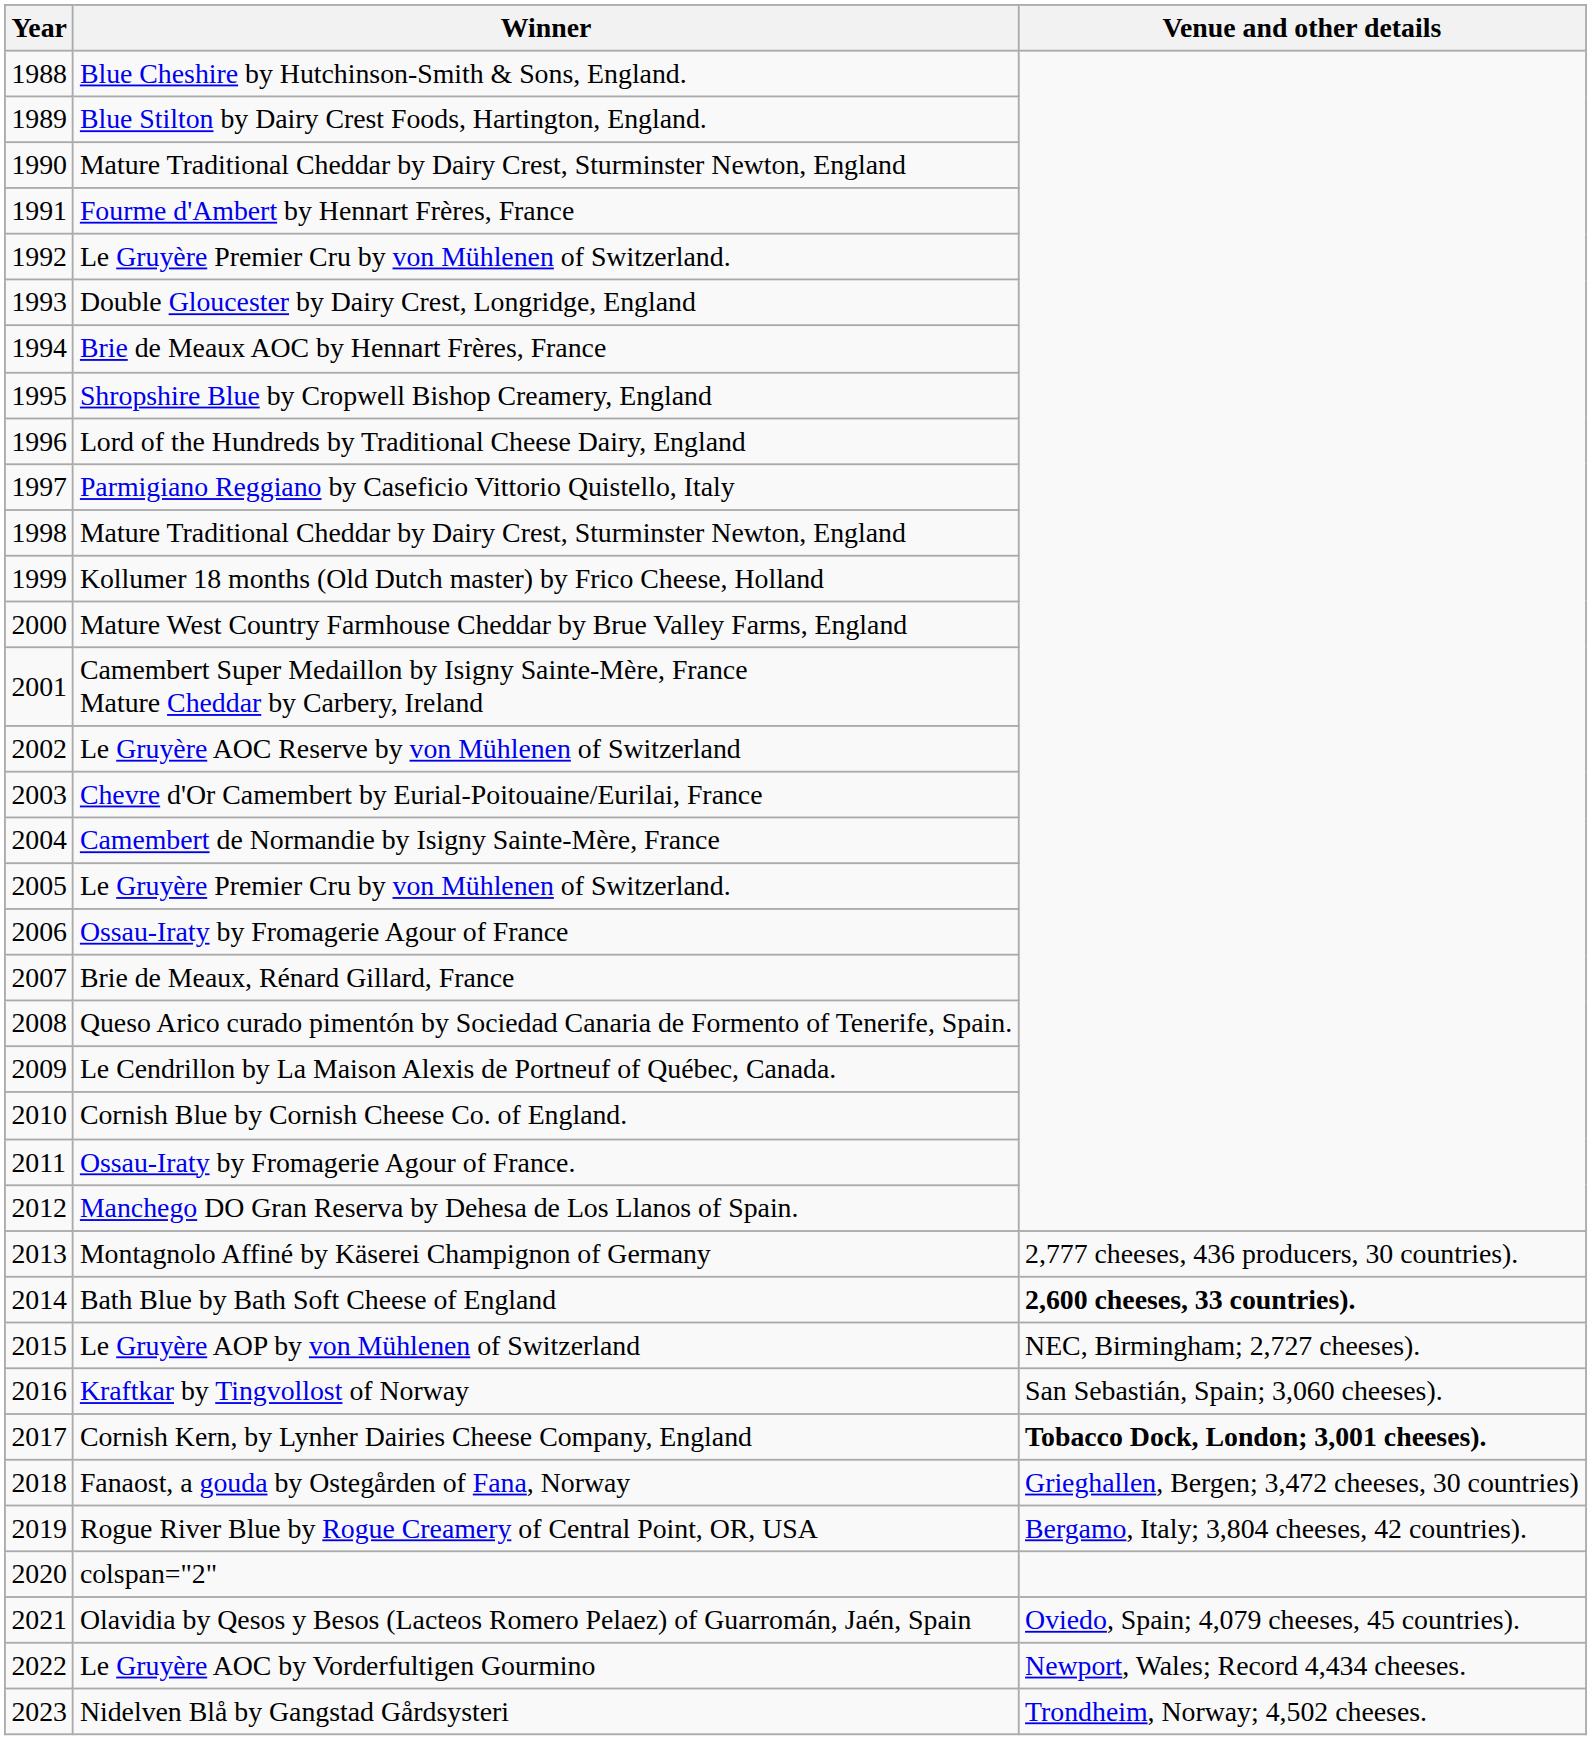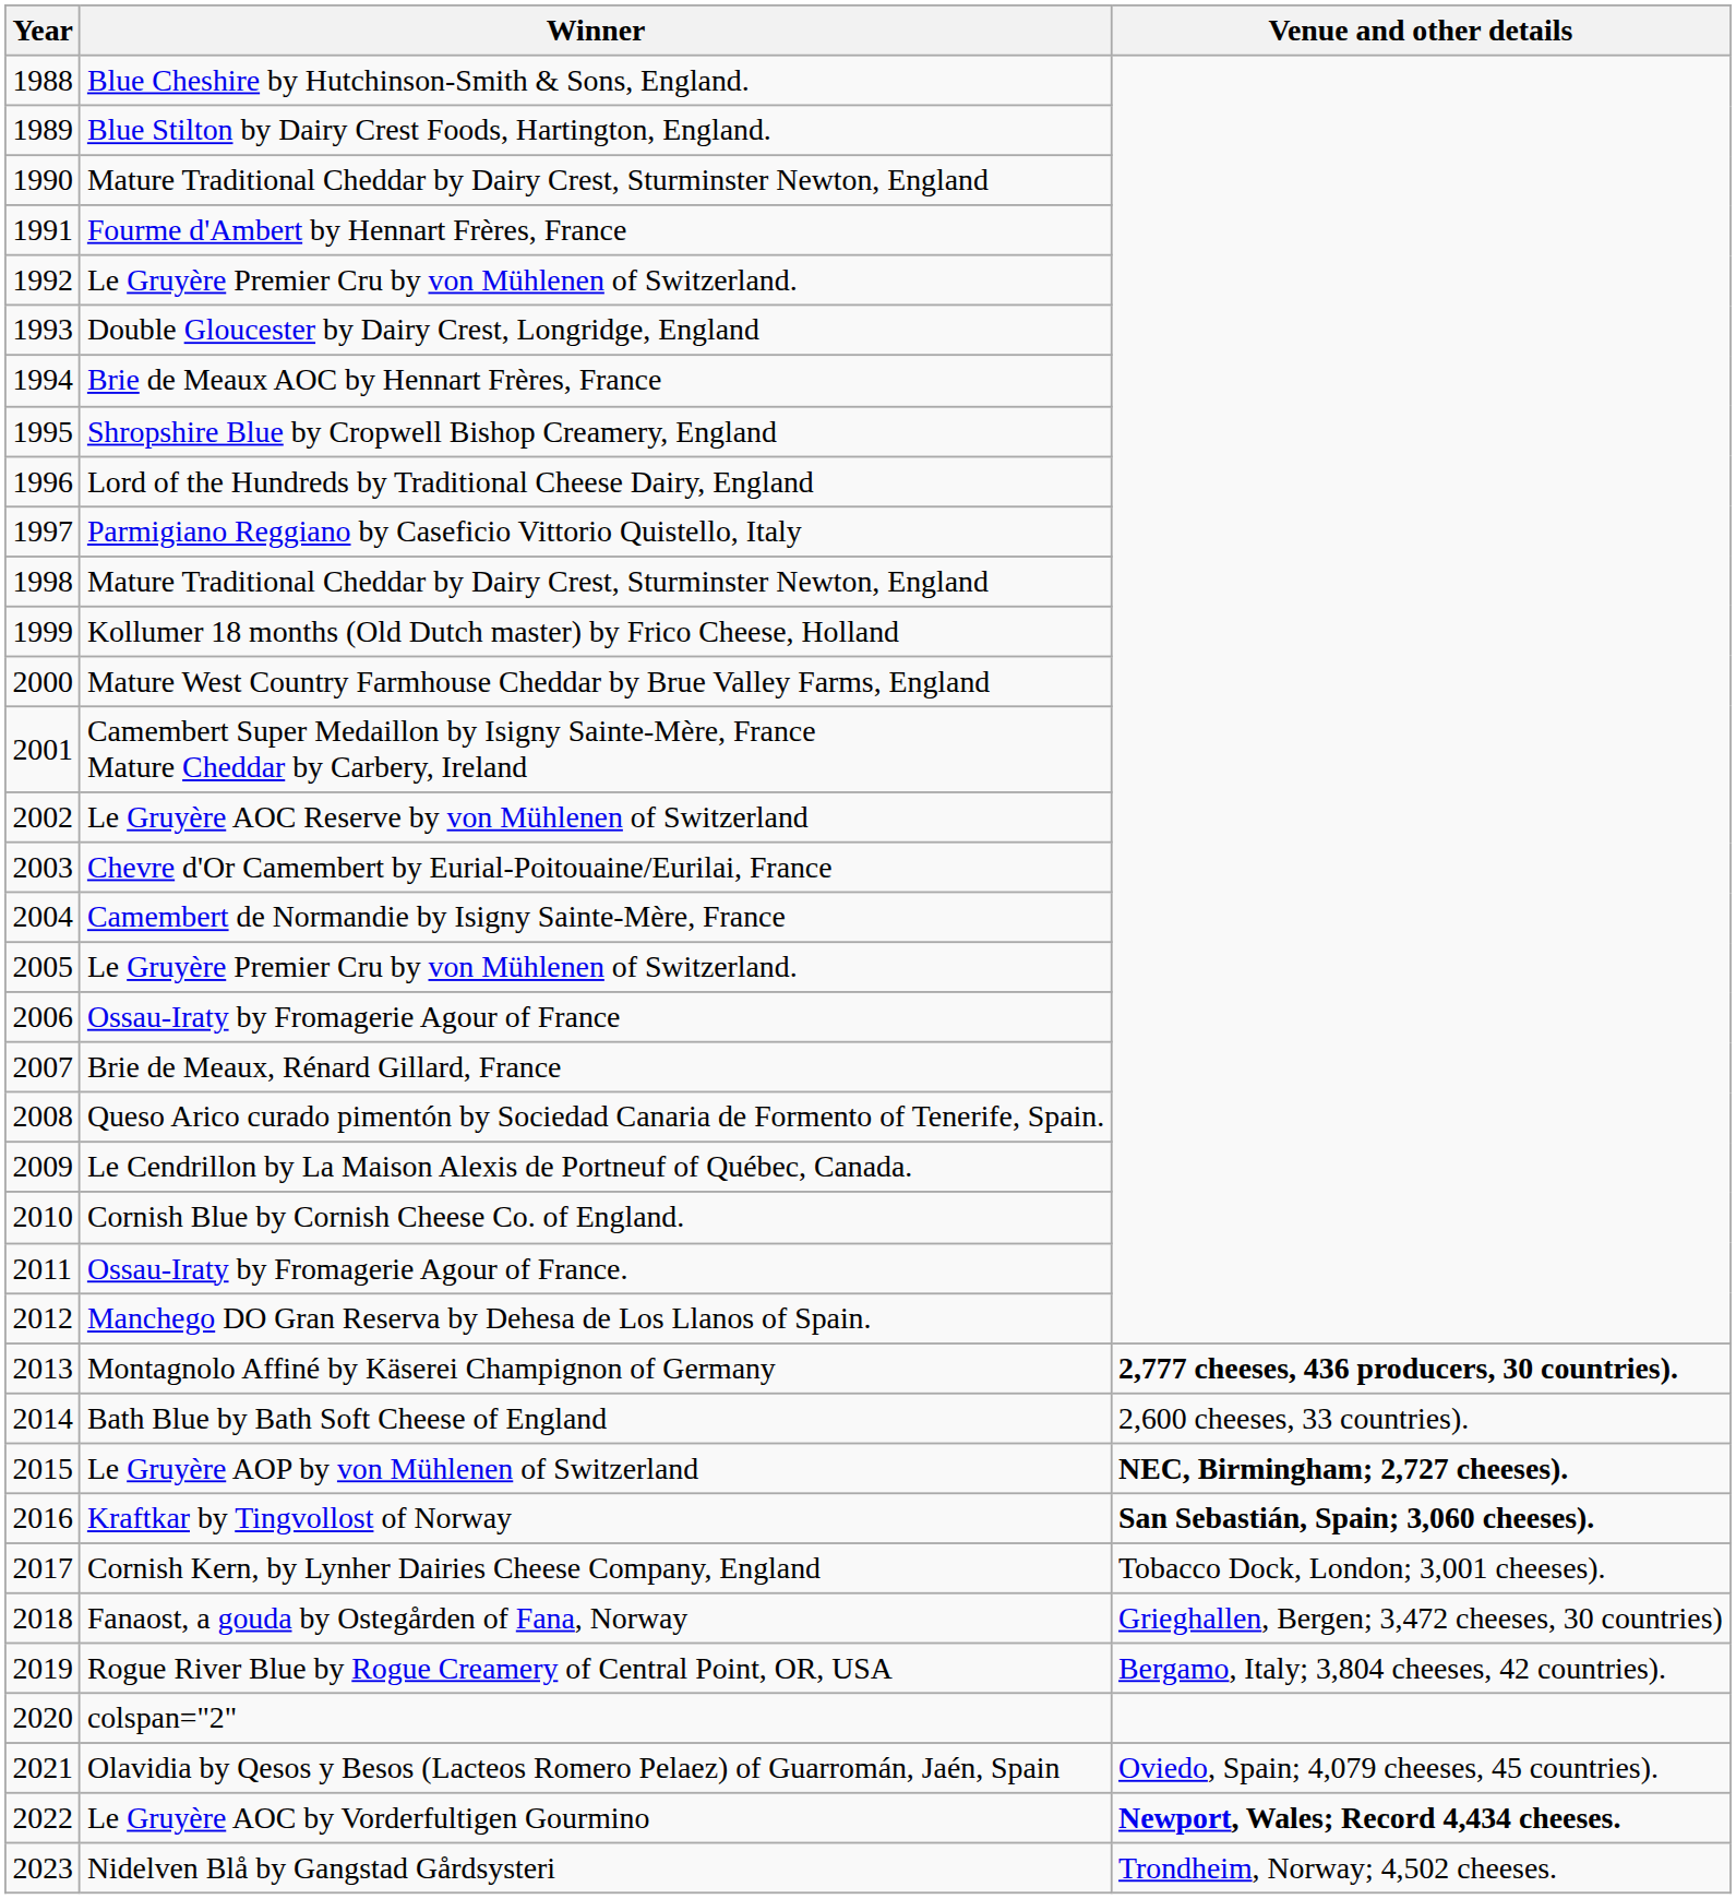 <table class="wikitable sortable plainrowheaders" style="font-size:95%;">
 <tr>
 <th>Year</th>
 <th>Winner</th>
 <th>Venue and other details</th>
 </tr>
 <tr>
 <td>1988</td>
 <td> <a href='#'>Blue Cheshire</a> by Hutchinson-Smith & Sons, England.</td>
 </tr>
 <tr>
 <td>1989</td>
 <td> <a href='#'>Blue Stilton</a> by Dairy Crest Foods, Hartington, England.</td>
 </tr>
 <tr>
 <td>1990</td>
 <td> Mature Traditional Cheddar by Dairy Crest, Sturminster Newton, England</td>
 </tr>
 <tr>
 <td>1991</td>
 <td> <a href='#'>Fourme d'Ambert</a> by Hennart Frères, France</td>
 </tr>
 <tr>
 <td>1992</td>
 <td> Le <a href='#'>Gruyère</a> Premier Cru by <a href='#'>von Mühlenen</a> of Switzerland.</td>
 </tr>
 <tr>
 <td>1993</td>
 <td> Double <a href='#'>Gloucester</a> by Dairy Crest, Longridge, England</td>
 </tr>
 <tr>
 <td>1994</td>
 <td> <a href='#'>Brie</a> de Meaux AOC by  Hennart Frères, France</td>
 </tr>
 <tr>
 <td>1995</td>
 <td> <a href='#'>Shropshire Blue</a> by Cropwell Bishop Creamery, England</td>
 </tr>
 <tr>
 <td>1996</td>
 <td> Lord of the Hundreds by Traditional Cheese Dairy, England</td>
 </tr>
 <tr>
 <td>1997</td>
 <td> <a href='#'>Parmigiano Reggiano</a> by Caseficio Vittorio Quistello, Italy</td>
 </tr>
 <tr>
 <td>1998</td>
 <td> Mature Traditional Cheddar by Dairy Crest, Sturminster Newton, England</td>
 </tr>
 <tr>
 <td>1999</td>
 <td> Kollumer 18 months (Old Dutch master) by Frico Cheese, Holland</td>
 </tr>
 <tr>
 <td>2000</td>
 <td> Mature West Country Farmhouse Cheddar by Brue Valley Farms, England</td>
 </tr>
 <tr>
 <td>2001</td>
 <td> Camembert Super Medaillon by Isigny Sainte-Mère, France<br> Mature <a href='#'>Cheddar</a> by Carbery, Ireland</td>
 </tr>
 <tr>
 <td>2002</td>
 <td> Le <a href='#'>Gruyère</a> AOC Reserve by <a href='#'>von Mühlenen</a> of Switzerland</td>
 </tr>
 <tr>
 <td>2003</td>
 <td> <a href='#'>Chevre</a> d'Or Camembert by  Eurial-Poitouaine/Eurilai, France</td>
 </tr>
 <tr>
 <td>2004</td>
 <td> <a href='#'>Camembert</a> de Normandie by Isigny Sainte-Mère, France</td>
 </tr>
 <tr>
 <td>2005</td>
 <td> Le <a href='#'>Gruyère</a> Premier Cru by <a href='#'>von Mühlenen</a> of Switzerland.</td>
 </tr>
 <tr>
 <td>2006</td>
 <td> <a href='#'>Ossau-Iraty</a> by Fromagerie Agour of France</td>
 </tr>
 <tr>
 <td>2007</td>
 <td> Brie de Meaux, Rénard Gillard, France</td>
 </tr>
 <tr>
 <td>2008</td>
 <td> Queso Arico curado pimentón by Sociedad Canaria de Formento of Tenerife, Spain.</td>
 </tr>
 <tr>
 <td>2009</td>
 <td> Le Cendrillon by La Maison Alexis de Portneuf of Québec, Canada.</td>
 </tr>
 <tr>
 <td>2010</td>
 <td> Cornish Blue by Cornish Cheese Co. of England.</td>
 </tr>
 <tr>
 <td>2011</td>
 <td> <a href='#'>Ossau-Iraty</a> by Fromagerie Agour of France.</td>
 </tr>
 <tr>
 <td>2012</td>
 <td> <a href='#'>Manchego</a> DO Gran Reserva by Dehesa de Los Llanos of Spain.</td>
 </tr>
 <tr>
 <td>2013</td>
 <td> Montagnolo Affiné by Käserei Champignon of Germany</td>
-<td>2,777 cheeses, 436 producers, 30 countries).</td>
+<td><strong>2,777 cheeses, 436 producers, 30 countries).</strong></td>
 </tr>
 <tr>
 <td>2014</td>
 <td> Bath Blue by Bath Soft Cheese of England</td>
-<td><strong>2,600 cheeses, 33 countries).</strong></td>
+<td>2,600 cheeses, 33 countries).</td>
 </tr>
 <tr>
 <td>2015</td>
 <td> Le <a href='#'>Gruyère</a> AOP by <a href='#'>von Mühlenen</a> of Switzerland</td>
-<td>NEC, Birmingham; 2,727 cheeses).</td>
+<td><strong>NEC, Birmingham; 2,727 cheeses).</strong></td>
 </tr>
 <tr>
 <td>2016</td>
 <td> <a href='#'>Kraftkar</a> by <a href='#'>Tingvollost</a> of Norway</td>
-<td>San Sebastián, Spain; 3,060 cheeses).</td>
+<td><strong>San Sebastián, Spain; 3,060 cheeses).</strong></td>
 </tr>
 <tr>
 <td>2017</td>
 <td> Cornish Kern, by Lynher Dairies Cheese Company, England</td>
-<td><strong>Tobacco Dock, London; 3,001 cheeses).</strong></td>
+<td>Tobacco Dock, London; 3,001 cheeses).</td>
 </tr>
 <tr>
 <td>2018</td>
 <td> Fanaost, a <a href='#'>gouda</a> by Ostegården of <a href='#'>Fana</a>, Norway</td>
 <td><a href='#'>Grieghallen</a>, Bergen; 3,472 cheeses, 30 countries)</td>
 </tr>
 <tr>
 <td>2019</td>
 <td> Rogue River Blue by <a href='#'>Rogue Creamery</a> of Central Point, OR, USA</td>
 <td><a href='#'>Bergamo</a>, Italy; 3,804 cheeses, 42 countries).</td>
 </tr>
 <tr>
 <td>2020</td>
 <td>colspan="2" </td>
 </tr>
 <tr>
 <td>2021</td>
 <td> Olavidia by Qesos y Besos (Lacteos Romero Pelaez) of Guarromán, Jaén, Spain</td>
 <td><a href='#'>Oviedo</a>, Spain; 4,079 cheeses, 45 countries).</td>
 </tr>
 <tr>
 <td>2022</td>
 <td> Le <a href='#'>Gruyère</a> AOC by Vorderfultigen Gourmino</td>
-<td><a href='#'>Newport</a>, Wales; Record 4,434 cheeses.</td>
+<td><strong><a href='#'>Newport</a>, Wales; Record 4,434 cheeses.</strong></td>
 </tr>
 <tr>
 <td>2023</td>
 <td> Nidelven Blå by Gangstad Gårdsysteri</td>
 <td><a href='#'>Trondheim</a>, Norway; 4,502 cheeses.</td>
 </tr>
 </table>
